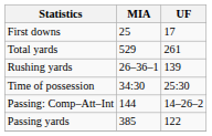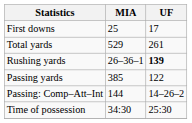 <table class="wikitable" style="float: left;">
 <tr>
 <th>Statistics</th>
 <th>MIA</th>
 <th>UF</th>
 </tr>
 <tr>
 <td>First downs</td>
 <td>25</td>
 <td>17</td>
 </tr>
 <tr>
 <td>Total yards</td>
 <td>529</td>
 <td>261</td>
 </tr>
 <tr>
 <td>Rushing yards</td>
 <td>26–36–1</td>
-<td>139</td>
+<td><strong>139</strong></td>
+</tr>
+<tr>
+<td>Passing yards</td>
+<td>385</td>
+<td>122</td>
+</tr>
+<tr>
+<td>Passing: Comp–Att–Int</td>
+<td>144</td>
+<td>14–26–2</td>
 </tr>
 <tr>
 <td>Time of possession</td>
 <td>34:30</td>
 <td>25:30</td>
 </tr>
 <tr>
-<td>Passing: Comp–Att–Int</td>
-<td>144</td>
-<td>14–26–2</td>
-</tr>
-<tr>
-<td>Passing yards</td>
-<td>385</td>
-<td>122</td>
-</tr>
-<tr>
 </tr>
 </table>
